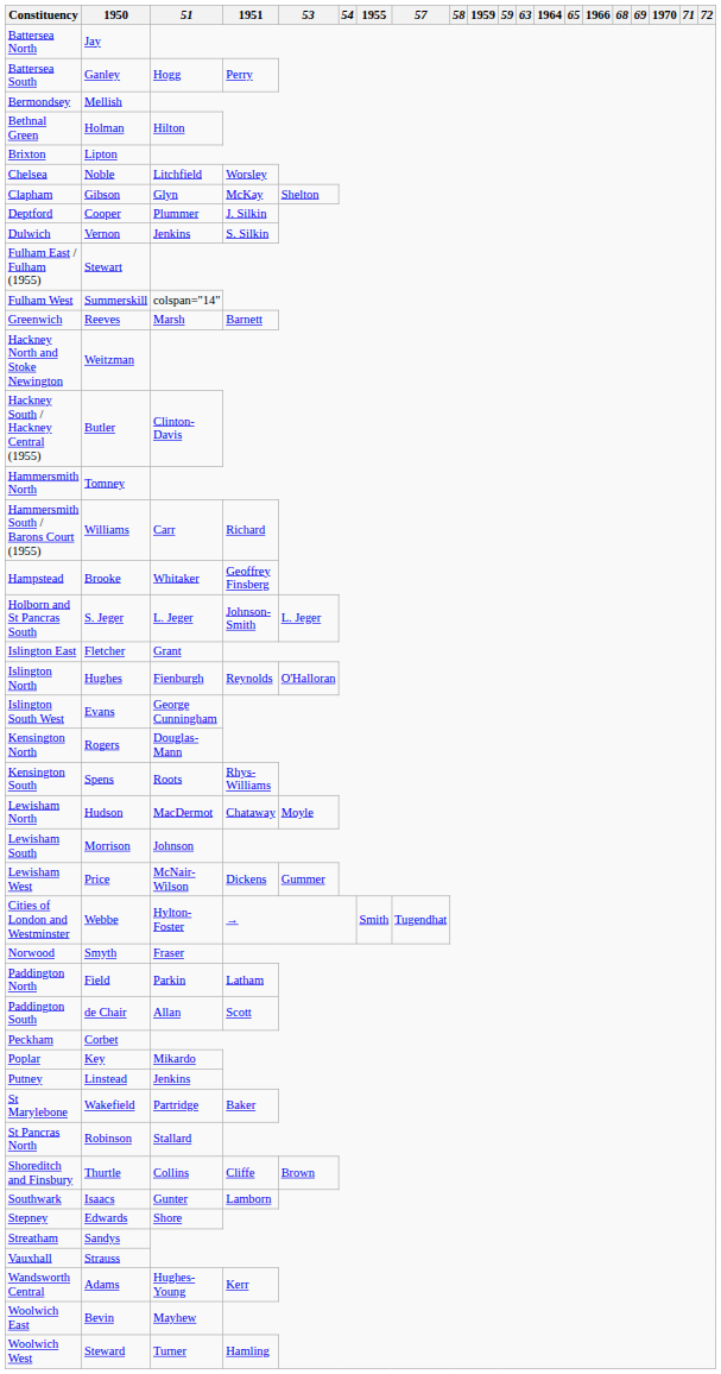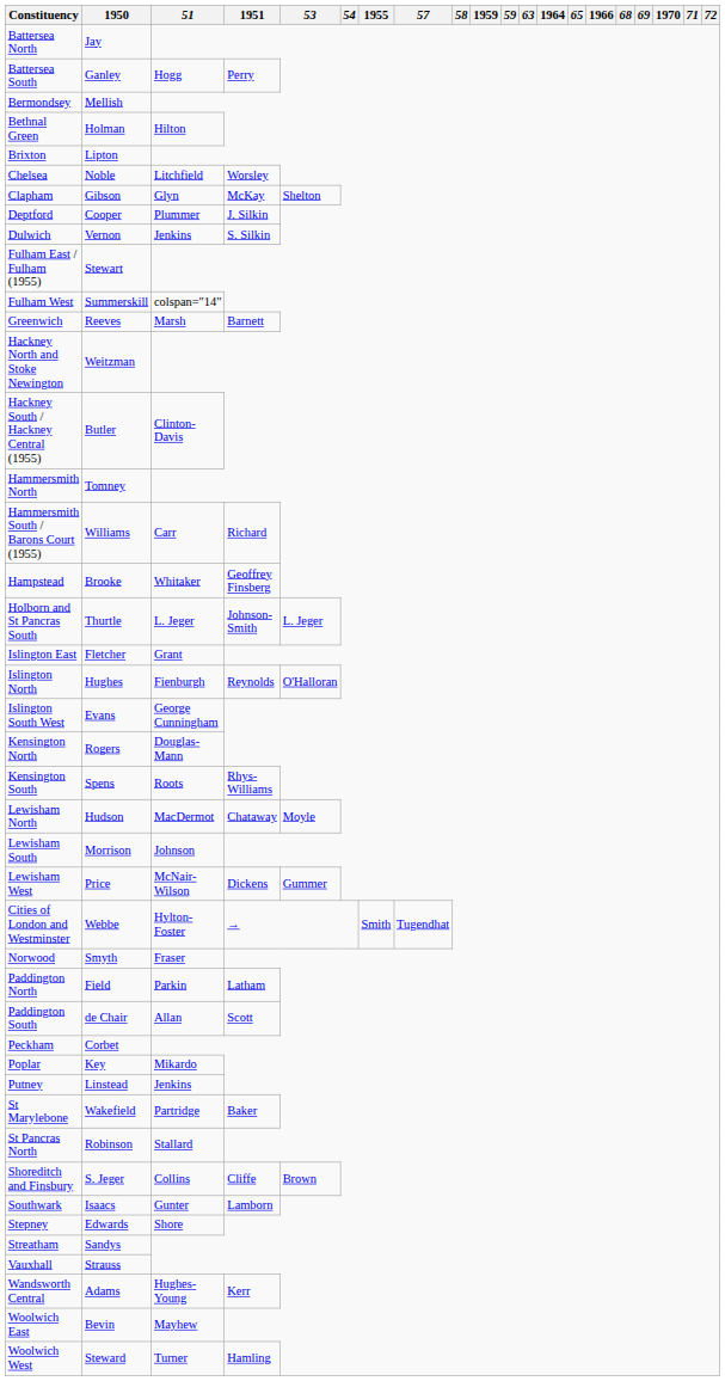 <table class="wikitable">
 <tr>
 <th>Constituency</th>
 <th>1950</th>
 <th><em>51</em></th>
 <th>1951</th>
 <th><em>53</em></th>
 <th><em>54</em></th>
 <th>1955</th>
 <th><em>57</em></th>
 <th><em>58</em></th>
 <th>1959</th>
 <th><em>59</em></th>
 <th><em>63</em></th>
 <th>1964</th>
 <th><em>65</em></th>
 <th>1966</th>
 <th><em>68</em></th>
 <th><em>69</em></th>
 <th>1970</th>
 <th><em>71</em></th>
 <th><em>72</em></th>
 </tr>
 <tr>
 <td><a href='#'>Battersea North</a></td>
 <td><a href='#'>Jay</a></td>
 </tr>
 <tr>
 <td><a href='#'>Battersea South</a></td>
 <td><a href='#'>Ganley</a></td>
 <td><a href='#'>Hogg</a></td>
 <td><a href='#'>Perry</a></td>
 </tr>
 <tr>
 <td><a href='#'>Bermondsey</a></td>
 <td><a href='#'>Mellish</a></td>
 </tr>
 <tr>
 <td><a href='#'>Bethnal Green</a></td>
 <td><a href='#'>Holman</a></td>
 <td><a href='#'>Hilton</a></td>
 </tr>
 <tr>
 <td><a href='#'>Brixton</a></td>
 <td><a href='#'>Lipton</a></td>
 </tr>
 <tr>
 <td><a href='#'>Chelsea</a></td>
 <td><a href='#'>Noble</a></td>
 <td><a href='#'>Litchfield</a></td>
 <td><a href='#'>Worsley</a></td>
 </tr>
 <tr>
 <td><a href='#'>Clapham</a></td>
 <td><a href='#'>Gibson</a></td>
 <td><a href='#'>Glyn</a></td>
 <td><a href='#'>McKay</a></td>
 <td><a href='#'>Shelton</a></td>
 </tr>
 <tr>
 <td><a href='#'>Deptford</a></td>
 <td><a href='#'>Cooper</a></td>
 <td><a href='#'>Plummer</a></td>
 <td><a href='#'>J. Silkin</a></td>
 </tr>
 <tr>
 <td><a href='#'>Dulwich</a></td>
 <td><a href='#'>Vernon</a></td>
 <td><a href='#'>Jenkins</a></td>
 <td><a href='#'>S. Silkin</a></td>
 </tr>
 <tr>
 <td><a href='#'>Fulham East</a> / <a href='#'>Fulham</a> (1955)</td>
 <td><a href='#'>Stewart</a></td>
 </tr>
 <tr>
 <td><a href='#'>Fulham West</a></td>
 <td><a href='#'>Summerskill</a></td>
 <td>colspan="14" </td>
 </tr>
 <tr>
 <td><a href='#'>Greenwich</a></td>
 <td><a href='#'>Reeves</a></td>
 <td><a href='#'>Marsh</a></td>
 <td><a href='#'>Barnett</a></td>
 </tr>
 <tr>
 <td><a href='#'>Hackney North and Stoke Newington</a></td>
 <td><a href='#'>Weitzman</a></td>
 </tr>
 <tr>
 <td><a href='#'>Hackney South</a> / <a href='#'>Hackney Central</a> (1955)</td>
 <td><a href='#'>Butler</a></td>
 <td><a href='#'>Clinton-Davis</a></td>
 </tr>
 <tr>
 <td><a href='#'>Hammersmith North</a></td>
 <td><a href='#'>Tomney</a></td>
 </tr>
 <tr>
 <td><a href='#'>Hammersmith South</a> / <a href='#'>Barons Court</a> (1955)</td>
 <td><a href='#'>Williams</a></td>
 <td><a href='#'>Carr</a></td>
 <td><a href='#'>Richard</a></td>
 </tr>
 <tr>
 <td><a href='#'>Hampstead</a></td>
 <td><a href='#'>Brooke</a></td>
 <td><a href='#'>Whitaker</a></td>
 <td><a href='#'>Geoffrey Finsberg</a></td>
 </tr>
 <tr>
 <td><a href='#'>Holborn and St Pancras South</a></td>
-<td><a href='#'>S. Jeger</a></td>
+<td><a href='#'>Thurtle</a></td>
 <td><a href='#'>L. Jeger</a></td>
 <td><a href='#'>Johnson-Smith</a></td>
 <td><a href='#'>L. Jeger</a></td>
 </tr>
 <tr>
 <td><a href='#'>Islington East</a></td>
 <td><a href='#'>Fletcher</a></td>
 <td><a href='#'>Grant</a></td>
 </tr>
 <tr>
 <td><a href='#'>Islington North</a></td>
 <td><a href='#'>Hughes</a></td>
 <td><a href='#'>Fienburgh</a></td>
 <td><a href='#'>Reynolds</a></td>
 <td><a href='#'>O'Halloran</a></td>
 </tr>
 <tr>
 <td><a href='#'>Islington South West</a></td>
 <td><a href='#'>Evans</a></td>
 <td><a href='#'>George Cunningham</a></td>
 </tr>
 <tr>
 <td><a href='#'>Kensington North</a></td>
 <td><a href='#'>Rogers</a></td>
 <td><a href='#'>Douglas-Mann</a></td>
 </tr>
 <tr>
 <td><a href='#'>Kensington South</a></td>
 <td><a href='#'>Spens</a></td>
 <td><a href='#'>Roots</a></td>
 <td><a href='#'>Rhys-Williams</a></td>
 </tr>
 <tr>
 <td><a href='#'>Lewisham North</a></td>
 <td><a href='#'>Hudson</a></td>
 <td><a href='#'>MacDermot</a></td>
 <td><a href='#'>Chataway</a></td>
 <td><a href='#'>Moyle</a></td>
 </tr>
 <tr>
 <td><a href='#'>Lewisham South</a></td>
 <td><a href='#'>Morrison</a></td>
 <td><a href='#'>Johnson</a></td>
 </tr>
 <tr>
 <td><a href='#'>Lewisham West</a></td>
 <td><a href='#'>Price</a></td>
 <td><a href='#'>McNair-Wilson</a></td>
 <td><a href='#'>Dickens</a></td>
 <td><a href='#'>Gummer</a></td>
 </tr>
 <tr>
 <td><a href='#'>Cities of London and Westminster</a></td>
 <td><a href='#'>Webbe</a></td>
 <td><a href='#'>Hylton-Foster</a></td>
 <td colspan="3"><a href='#'>→</a></td>
 <td><a href='#'>Smith</a></td>
 <td><a href='#'>Tugendhat</a></td>
 </tr>
 <tr>
 <td><a href='#'>Norwood</a></td>
 <td><a href='#'>Smyth</a></td>
 <td><a href='#'>Fraser</a></td>
 </tr>
 <tr>
 <td><a href='#'>Paddington North</a></td>
 <td><a href='#'>Field</a></td>
 <td><a href='#'>Parkin</a></td>
 <td><a href='#'>Latham</a></td>
 </tr>
 <tr>
 <td><a href='#'>Paddington South</a></td>
 <td><a href='#'>de Chair</a></td>
 <td><a href='#'>Allan</a></td>
 <td><a href='#'>Scott</a></td>
 </tr>
 <tr>
 <td><a href='#'>Peckham</a></td>
 <td><a href='#'>Corbet</a></td>
 </tr>
 <tr>
 <td><a href='#'>Poplar</a></td>
 <td><a href='#'>Key</a></td>
 <td><a href='#'>Mikardo</a></td>
 </tr>
 <tr>
 <td><a href='#'>Putney</a></td>
 <td><a href='#'>Linstead</a></td>
 <td><a href='#'>Jenkins</a></td>
 </tr>
 <tr>
 <td><a href='#'>St Marylebone</a></td>
 <td><a href='#'>Wakefield</a></td>
 <td><a href='#'>Partridge</a></td>
 <td><a href='#'>Baker</a></td>
 </tr>
 <tr>
 <td><a href='#'>St Pancras North</a></td>
 <td><a href='#'>Robinson</a></td>
 <td><a href='#'>Stallard</a></td>
 </tr>
 <tr>
 <td><a href='#'>Shoreditch and Finsbury</a></td>
-<td><a href='#'>Thurtle</a></td>
+<td><a href='#'>S. Jeger</a></td>
 <td><a href='#'>Collins</a></td>
 <td><a href='#'>Cliffe</a></td>
 <td><a href='#'>Brown</a></td>
 </tr>
 <tr>
 <td><a href='#'>Southwark</a></td>
 <td><a href='#'>Isaacs</a></td>
 <td><a href='#'>Gunter</a></td>
 <td><a href='#'>Lamborn</a></td>
 </tr>
 <tr>
 <td><a href='#'>Stepney</a></td>
 <td><a href='#'>Edwards</a></td>
 <td><a href='#'>Shore</a></td>
 </tr>
 <tr>
 <td><a href='#'>Streatham</a></td>
 <td><a href='#'>Sandys</a></td>
 </tr>
 <tr>
 <td><a href='#'>Vauxhall</a></td>
 <td><a href='#'>Strauss</a></td>
 </tr>
 <tr>
 <td><a href='#'>Wandsworth Central</a></td>
 <td><a href='#'>Adams</a></td>
 <td><a href='#'>Hughes-Young</a></td>
 <td><a href='#'>Kerr</a></td>
 </tr>
 <tr>
 <td><a href='#'>Woolwich East</a></td>
 <td><a href='#'>Bevin</a></td>
 <td><a href='#'>Mayhew</a></td>
 </tr>
 <tr>
 <td><a href='#'>Woolwich West</a></td>
 <td><a href='#'>Steward</a></td>
 <td><a href='#'>Turner</a></td>
 <td><a href='#'>Hamling</a></td>
 </tr>
 </table>
